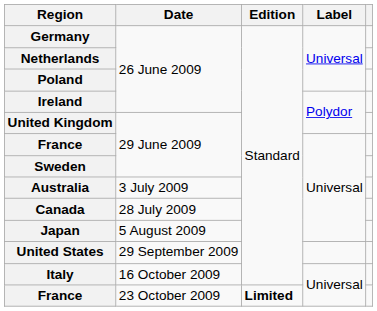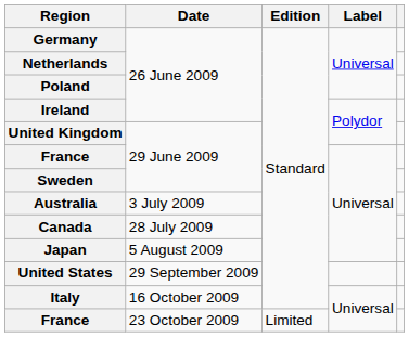 <table class="wikitable plainrowheaders">
 <tr>
 <th scope="col">Region</th>
 <th scope="col">Date</th>
 <th scope="col">Edition</th>
 <th scope="col">Label</th>
 <th scope="col"></th>
 </tr>
 <tr>
 <th scope="row">Germany</th>
 <td rowspan="4">26 June 2009</td>
 <td rowspan="12">Standard</td>
 <td rowspan="3"><a href='#'>Universal</a></td>
 <td align="center"></td>
 </tr>
 <tr>
 <th scope="row">Netherlands</th>
 <td align="center"></td>
 </tr>
 <tr>
 <th scope="row">Poland</th>
 <td align="center"></td>
 </tr>
 <tr>
 <th scope="row">Ireland</th>
 <td rowspan="2"><a href='#'>Polydor</a></td>
 <td align="center"></td>
 </tr>
 <tr>
 <th scope="row">United Kingdom</th>
 <td rowspan="3">29 June 2009</td>
 <td align="center"></td>
 </tr>
 <tr>
 <th scope="row">France</th>
 <td rowspan="5">Universal</td>
 <td align="center"></td>
 </tr>
 <tr>
 <th scope="row">Sweden</th>
 <td align="center"></td>
 </tr>
 <tr>
 <th scope="row">Australia</th>
 <td>3 July 2009</td>
 <td align="center"></td>
 </tr>
 <tr>
 <th scope="row">Canada</th>
 <td>28 July 2009</td>
 <td align="center"></td>
 </tr>
 <tr>
 <th scope="row">Japan</th>
 <td>5 August 2009</td>
 <td align="center"></td>
 </tr>
 <tr>
 <th scope="row">United States</th>
 <td>29 September 2009</td>
 <td></td>
 <td align="center"></td>
 </tr>
 <tr>
 <th scope="row">Italy</th>
 <td>16 October 2009</td>
 <td rowspan="2">Universal</td>
 <td align="center"></td>
 </tr>
 <tr>
 <th scope="row">France</th>
 <td>23 October 2009</td>
-<td><strong>Limited</strong></td>
+<td>Limited</td>
 <td align="center"></td>
 </tr>
 </table>
